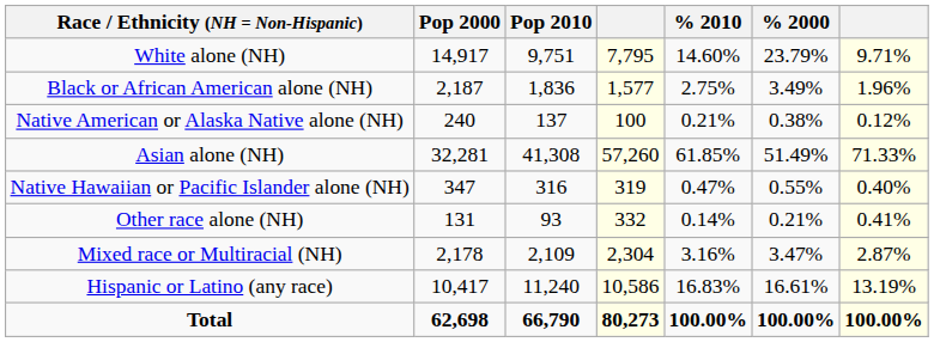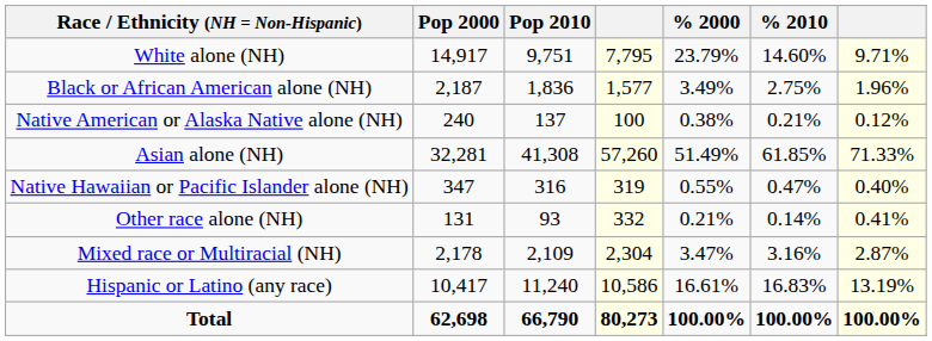 <table class="wikitable" style="text-align:center;">
 <tr>
 <th>Race / Ethnicity <small>(<em>NH = Non-Hispanic</em>)</small></th>
 <th>Pop 2000</th>
 <th>Pop 2010</th>
 <th></th>
+<th>% 2000</th>
 <th>% 2010</th>
-<th>% 2000</th>
 <th></th>
 </tr>
 <tr>
 <td><a href='#'>White</a> alone (NH)</td>
 <td>14,917</td>
 <td>9,751</td>
 <td style='background: #ffffe6;'>7,795</td>
+<td>23.79%</td>
 <td>14.60%</td>
-<td>23.79%</td>
 <td style='background: #ffffe6;'>9.71%</td>
 </tr>
 <tr>
 <td><a href='#'>Black or African American</a> alone (NH)</td>
 <td>2,187</td>
 <td>1,836</td>
 <td style='background: #ffffe6;'>1,577</td>
+<td>3.49%</td>
 <td>2.75%</td>
-<td>3.49%</td>
 <td style='background: #ffffe6;'>1.96%</td>
 </tr>
 <tr>
 <td><a href='#'>Native American</a> or <a href='#'>Alaska Native</a> alone (NH)</td>
 <td>240</td>
 <td>137</td>
 <td style='background: #ffffe6;'>100</td>
+<td>0.38%</td>
 <td>0.21%</td>
-<td>0.38%</td>
 <td style='background: #ffffe6;'>0.12%</td>
 </tr>
 <tr>
 <td><a href='#'>Asian</a> alone (NH)</td>
 <td>32,281</td>
 <td>41,308</td>
 <td style='background: #ffffe6;'>57,260</td>
+<td>51.49%</td>
 <td>61.85%</td>
-<td>51.49%</td>
 <td style='background: #ffffe6;'>71.33%</td>
 </tr>
 <tr>
 <td><a href='#'>Native Hawaiian</a> or <a href='#'>Pacific Islander</a> alone (NH)</td>
 <td>347</td>
 <td>316</td>
 <td style='background: #ffffe6;'>319</td>
+<td>0.55%</td>
 <td>0.47%</td>
-<td>0.55%</td>
 <td style='background: #ffffe6;'>0.40%</td>
 </tr>
 <tr>
 <td><a href='#'>Other race</a> alone (NH)</td>
 <td>131</td>
 <td>93</td>
 <td style='background: #ffffe6;'>332</td>
+<td>0.21%</td>
 <td>0.14%</td>
-<td>0.21%</td>
 <td style='background: #ffffe6;'>0.41%</td>
 </tr>
 <tr>
 <td><a href='#'>Mixed race or Multiracial</a> (NH)</td>
 <td>2,178</td>
 <td>2,109</td>
 <td style='background: #ffffe6;'>2,304</td>
+<td>3.47%</td>
 <td>3.16%</td>
-<td>3.47%</td>
 <td style='background: #ffffe6;'>2.87%</td>
 </tr>
 <tr>
 <td><a href='#'>Hispanic or Latino</a> (any race)</td>
 <td>10,417</td>
 <td>11,240</td>
 <td style='background: #ffffe6;'>10,586</td>
+<td>16.61%</td>
 <td>16.83%</td>
-<td>16.61%</td>
 <td style='background: #ffffe6;'>13.19%</td>
 </tr>
 <tr>
 <td><strong>Total</strong></td>
 <td><strong>62,698</strong></td>
 <td><strong>66,790</strong></td>
 <td style='background: #ffffe6;'><strong>80,273</strong></td>
 <td><strong>100.00%</strong></td>
 <td><strong>100.00%</strong></td>
 <td style='background: #ffffe6;'><strong>100.00%</strong></td>
 </tr>
 </table>
